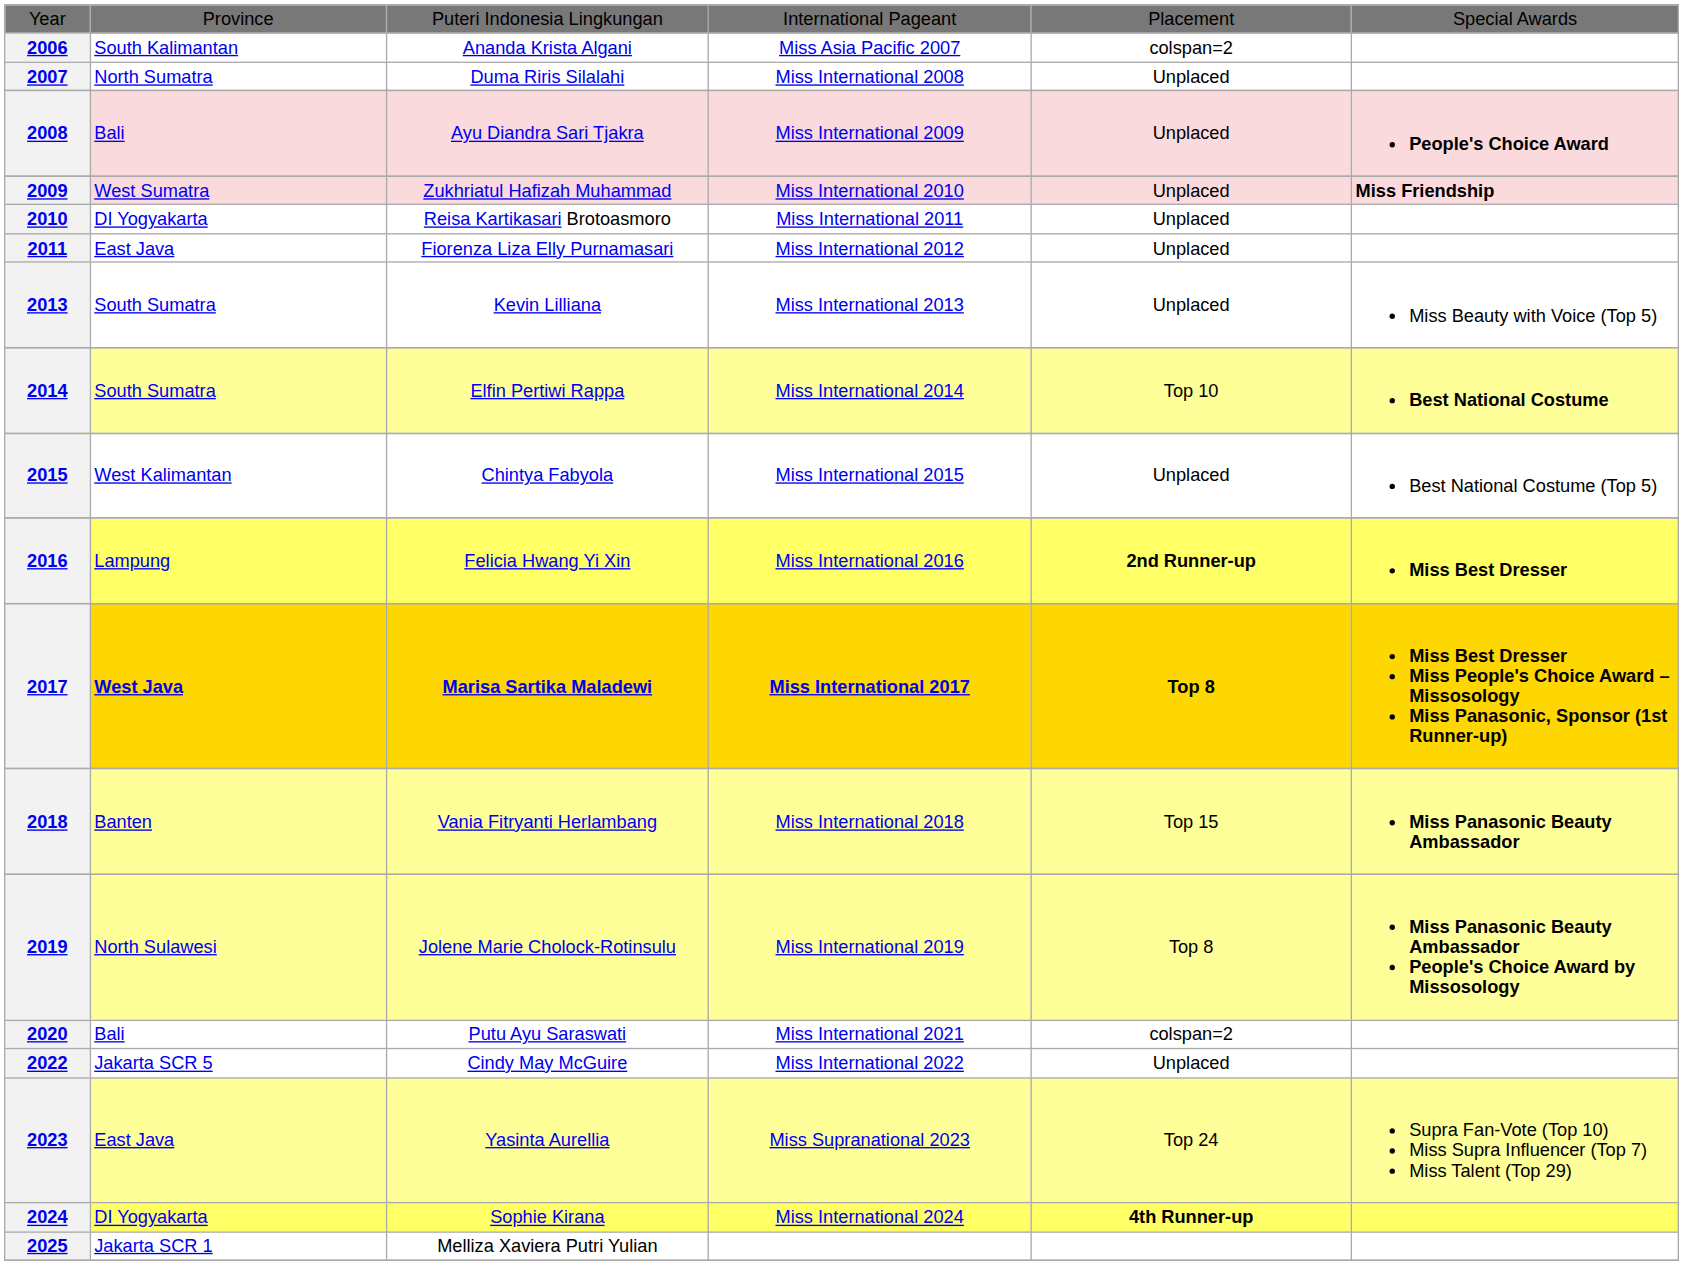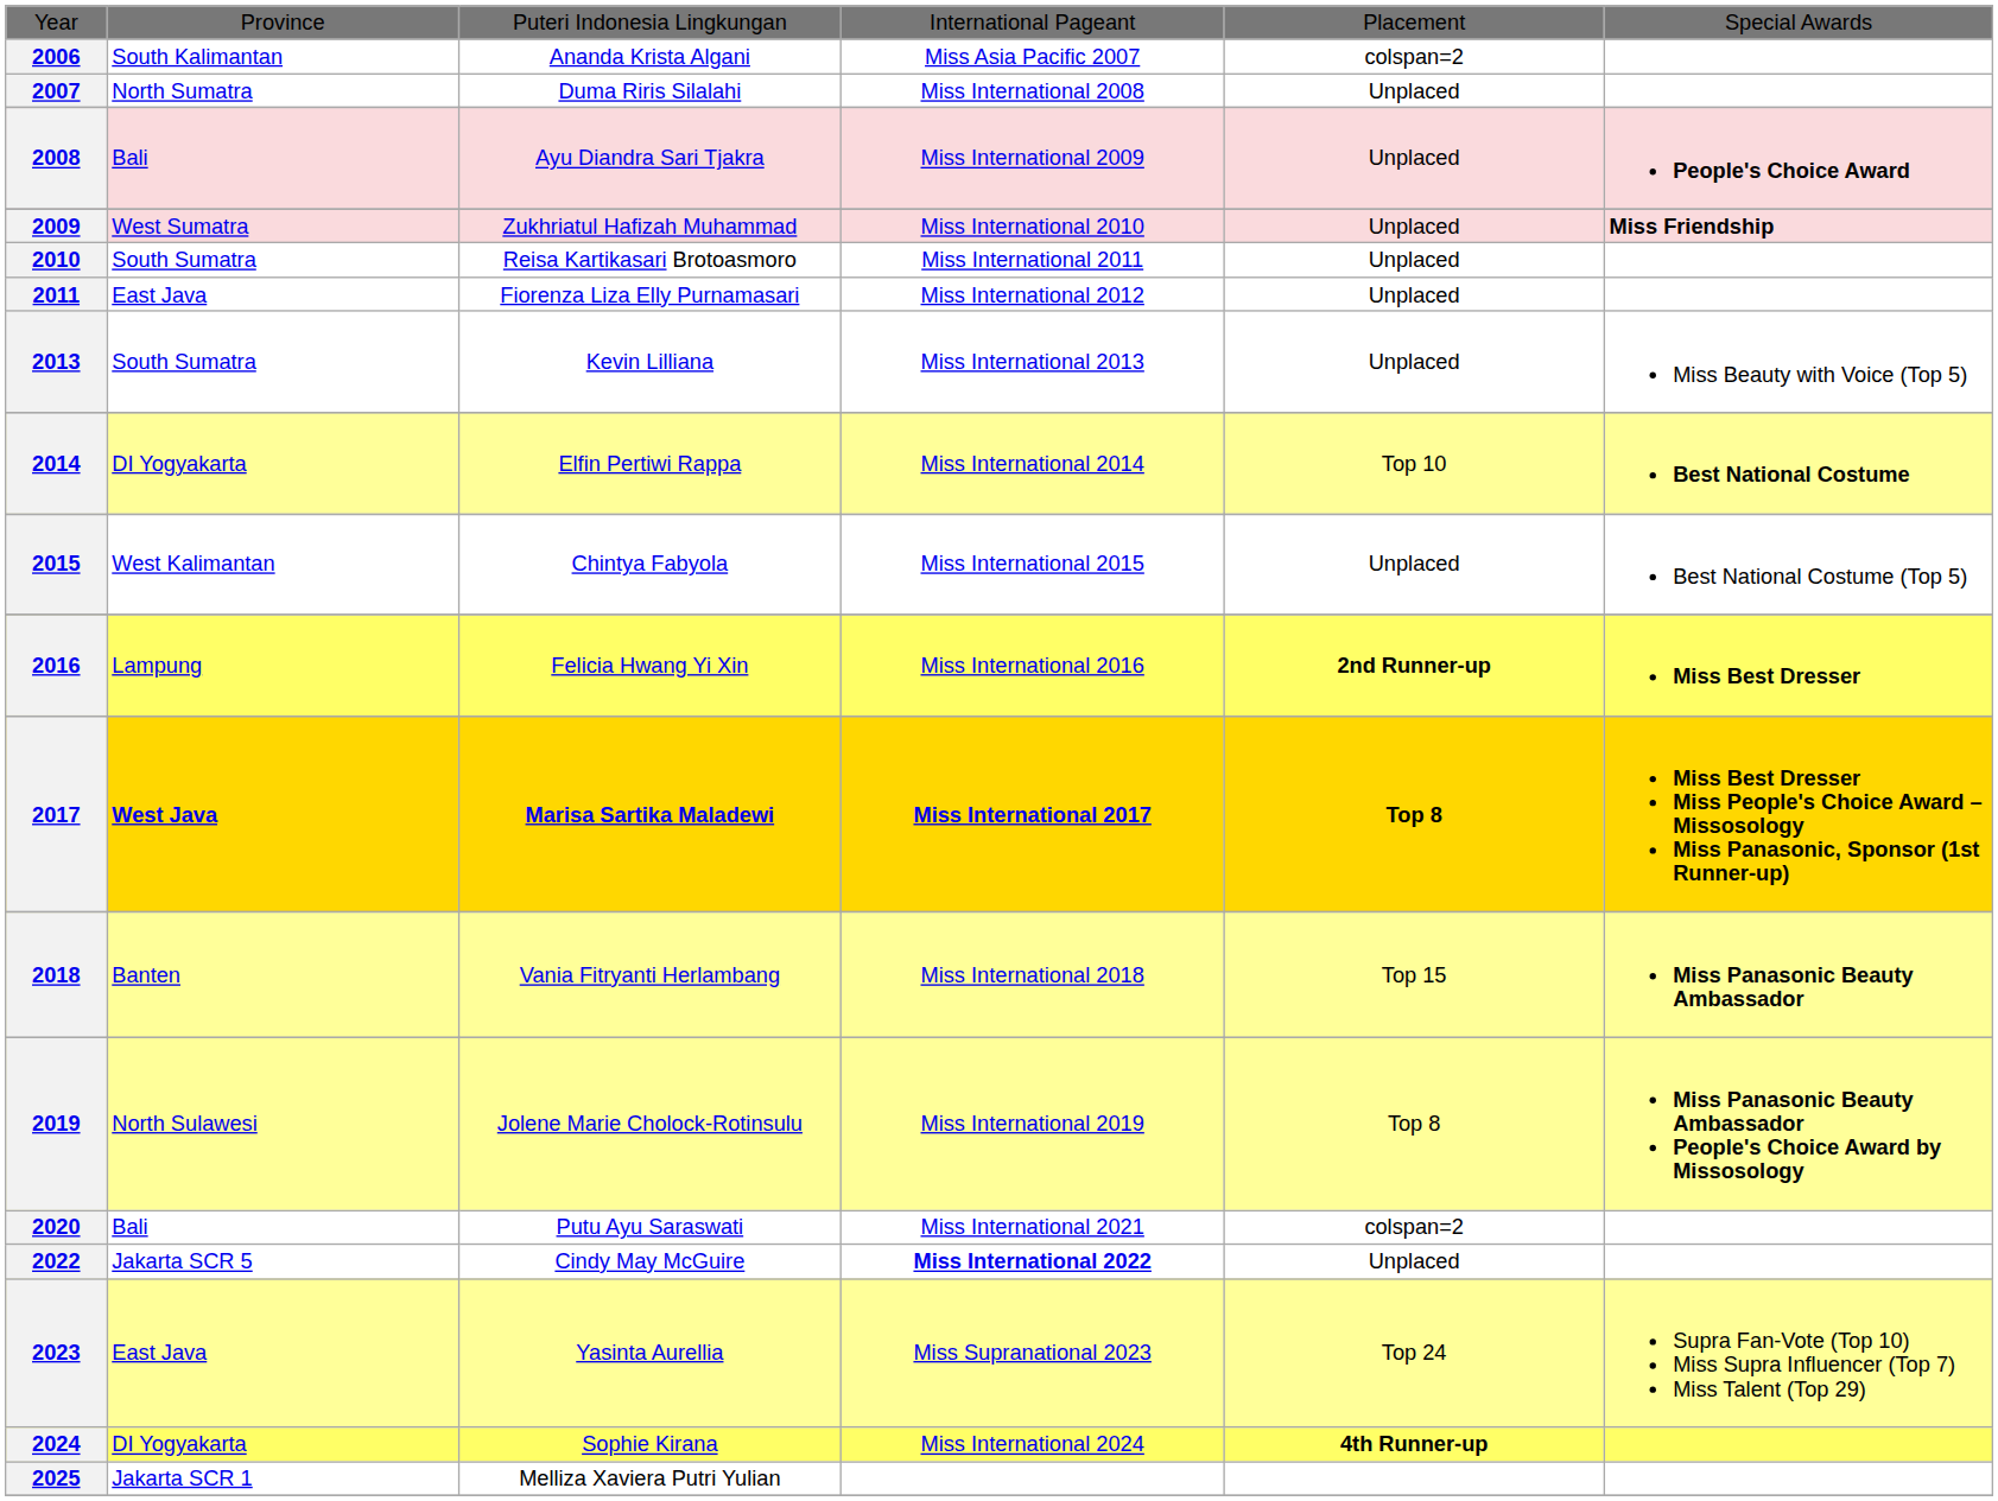 <table class="wikitable" style="margin: 1em 1em 1em 0; background: #FFFFFF; border: 1px #aaa solid; border-collapse: collapse; font-size: 85%; text-align:center">
 <tr bgcolor="#787878" colspan=10 align="center">
 <td width="60"><span>Year</span></td>
 <td width="230"><span>Province</span></td>
 <td width="250"><span>Puteri Indonesia Lingkungan</span></td>
 <td width="250"><span>International Pageant</span></td>
 <td width="250"><span>Placement</span></td>
 <td width="250"><span>Special Awards</span></td>
 </tr>
 <tr>
 <th><a href='#'>2006</a></th>
 <td align="left"><a href='#'>South Kalimantan</a></td>
 <td><a href='#'>Ananda Krista Algani</a></td>
 <td><a href='#'>Miss Asia Pacific 2007</a></td>
 <td>colspan=2 </td>
 </tr>
 <tr>
 <th><a href='#'>2007</a></th>
 <td align="left"><a href='#'>North Sumatra</a></td>
 <td><a href='#'>Duma Riris Silalahi</a></td>
 <td><a href='#'>Miss International 2008</a></td>
 <td>Unplaced</td>
 <td></td>
 </tr>
 <tr>
 </tr>
 <tr style="background-color:#FADADD; ">
 <th><a href='#'>2008</a></th>
 <td align="left"><a href='#'>Bali</a></td>
 <td><a href='#'>Ayu Diandra Sari Tjakra</a></td>
 <td><a href='#'>Miss International 2009</a></td>
 <td>Unplaced</td>
 <td align="left"><br><ul><li><strong>People's Choice Award</strong></li></ul></td>
 </tr>
 <tr>
 </tr>
 <tr style="background-color:#FADADD; ">
 <th><a href='#'>2009</a></th>
 <td align="left"><a href='#'>West Sumatra</a></td>
 <td><a href='#'>Zukhriatul Hafizah Muhammad</a></td>
 <td><a href='#'>Miss International 2010</a></td>
 <td>Unplaced</td>
 <td align="left"><strong>Miss Friendship</strong></td>
 </tr>
 <tr>
 <th><a href='#'>2010</a></th>
-<td align="left"><a href='#'>DI Yogyakarta</a></td>
+<td align="left"><a href='#'>South Sumatra</a></td>
 <td><a href='#'>Reisa Kartikasari</a> Brotoasmoro</td>
 <td><a href='#'>Miss International 2011</a></td>
 <td>Unplaced</td>
 <td></td>
 </tr>
 <tr>
 <th><a href='#'>2011</a></th>
 <td align="left"><a href='#'>East Java</a></td>
 <td><a href='#'>Fiorenza Liza Elly Purnamasari</a></td>
 <td><a href='#'>Miss International 2012</a></td>
 <td>Unplaced</td>
 <td></td>
 </tr>
 <tr>
 <th><a href='#'>2013</a></th>
 <td align="left"><a href='#'>South Sumatra</a></td>
 <td><a href='#'>Kevin Lilliana</a></td>
 <td><a href='#'>Miss International 2013</a></td>
 <td>Unplaced</td>
 <td align="left"><br><ul><li>Miss Beauty with Voice (Top 5)</li></ul></td>
 </tr>
 <tr>
 </tr>
 <tr style="background-color:#FFFF99; ">
 <th><a href='#'>2014</a></th>
-<td align="left"><a href='#'>South Sumatra</a></td>
+<td align="left"><a href='#'>DI Yogyakarta</a></td>
 <td><a href='#'>Elfin Pertiwi Rappa</a></td>
 <td><a href='#'>Miss International 2014</a></td>
 <td>Top 10</td>
 <td align="left"><br><ul><li><strong>Best National Costume</strong></li></ul></td>
 </tr>
 <tr>
 </tr>
 <tr>
 <th><a href='#'>2015</a></th>
 <td align="left"><a href='#'>West Kalimantan</a></td>
 <td><a href='#'>Chintya Fabyola</a></td>
 <td><a href='#'>Miss International 2015</a></td>
 <td>Unplaced</td>
 <td align="left"><br><ul><li>Best National Costume (Top 5)</li></ul></td>
 </tr>
 <tr>
 </tr>
 <tr style="background-color:#FFFF66">
 <th><a href='#'>2016</a></th>
 <td align="left"><a href='#'>Lampung</a></td>
 <td><a href='#'>Felicia Hwang Yi Xin</a></td>
 <td><a href='#'>Miss International 2016</a></td>
 <td><strong>2nd Runner-up</strong></td>
 <td align="left"><br><ul><li><strong>Miss Best Dresser</strong></li></ul></td>
 </tr>
 <tr>
 </tr>
 <tr style="background-color:gold; font-weight: bold ">
 <th><a href='#'>2017</a></th>
 <td align="left"><a href='#'>West Java</a></td>
 <td><a href='#'>Marisa Sartika Maladewi</a></td>
 <td><a href='#'>Miss International 2017</a></td>
 <td>Top 8</td>
 <td align="left"><br><ul><li>Miss Best Dresser</li><li>Miss People's Choice Award – Missosology</li><li>Miss Panasonic, Sponsor (1st Runner-up)</li></ul></td>
 </tr>
 <tr>
 </tr>
 <tr style="background-color:#FFFF99; ">
 <th><a href='#'>2018</a></th>
 <td align="left"><a href='#'>Banten</a></td>
 <td><a href='#'>Vania Fitryanti Herlambang</a></td>
 <td><a href='#'>Miss International 2018</a></td>
 <td>Top 15</td>
 <td align="left"><br><ul><li><strong>Miss Panasonic Beauty Ambassador</strong></li></ul></td>
 </tr>
 <tr>
 </tr>
 <tr style="background-color:#FFFF99; ">
 <th><a href='#'>2019</a></th>
 <td align="left"><a href='#'>North Sulawesi</a></td>
 <td><a href='#'>Jolene Marie Cholock-Rotinsulu</a></td>
 <td><a href='#'>Miss International 2019</a></td>
 <td>Top 8</td>
 <td align="left"><br><ul><li><strong>Miss Panasonic Beauty Ambassador</strong></li><li><strong>People's Choice Award by Missosology</strong></li></ul></td>
 </tr>
 <tr>
 <th><a href='#'>2020</a></th>
 <td align="left"><a href='#'>Bali</a></td>
 <td><a href='#'>Putu Ayu Saraswati</a></td>
 <td><a href='#'>Miss International 2021</a></td>
 <td>colspan=2 </td>
 </tr>
 <tr>
 <th><a href='#'>2022</a></th>
 <td align="left"><a href='#'>Jakarta SCR 5</a></td>
 <td><a href='#'>Cindy May McGuire</a></td>
-<td><a href='#'>Miss International 2022</a></td>
+<td><strong><a href='#'>Miss International 2022</a></strong></td>
 <td>Unplaced</td>
 <td></td>
 </tr>
 <tr style="background-color:#FFFF99; ">
 <th><a href='#'>2023</a></th>
 <td align="left"><a href='#'>East Java</a></td>
 <td><a href='#'>Yasinta Aurellia</a></td>
 <td><a href='#'>Miss Supranational 2023</a></td>
 <td>Top 24</td>
 <td align="left"><br><ul><li>Supra Fan-Vote (Top 10)</li><li>Miss Supra Influencer (Top 7)</li><li>Miss Talent (Top 29)</li></ul></td>
 </tr>
 <tr style="background-color:#FFFF66">
 <th><a href='#'>2024</a></th>
 <td align="left"><a href='#'>DI Yogyakarta</a></td>
 <td><a href='#'>Sophie Kirana</a></td>
 <td><a href='#'>Miss International 2024</a></td>
 <td><strong>4th Runner-up</strong></td>
 <td></td>
 </tr>
 <tr>
 <th><a href='#'>2025</a></th>
 <td align="left"><a href='#'>Jakarta SCR 1</a></td>
 <td>Melliza Xaviera Putri Yulian</td>
 <td></td>
 <td></td>
 <td></td>
 </tr>
 <tr>
 </tr>
 </table>
